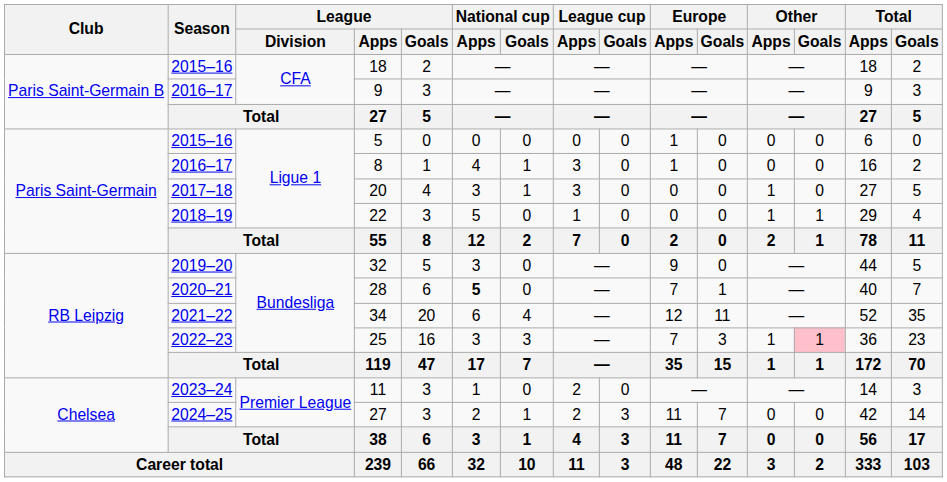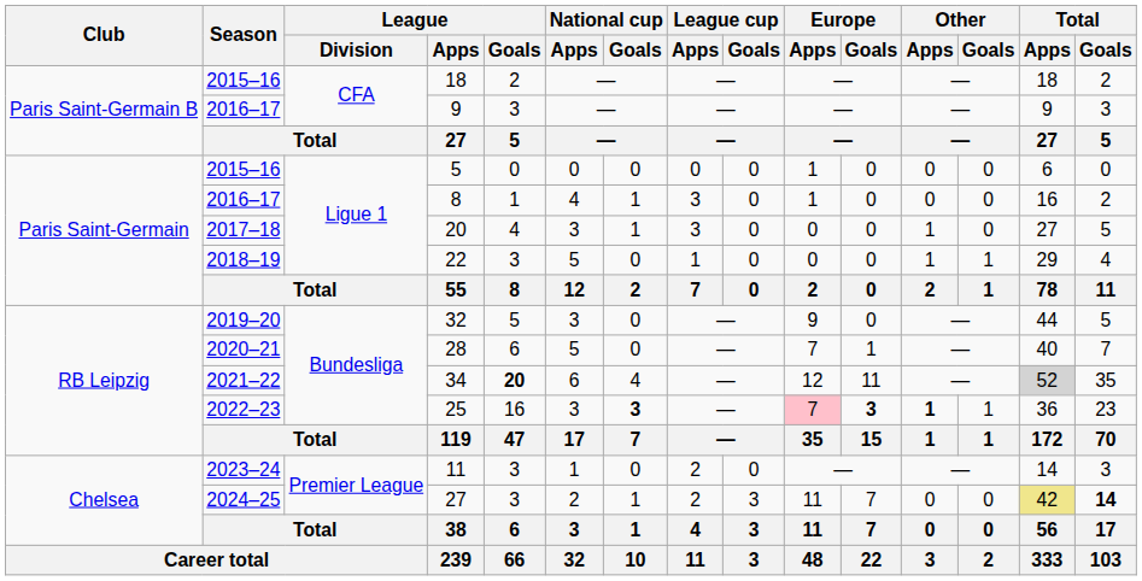 <table class="wikitable" style="text-align: center;">
 <tr>
 <th rowspan="2">Club</th>
 <th rowspan="2">Season</th>
 <th colspan="3">League</th>
 <th colspan="2">National cup</th>
 <th colspan="2">League cup</th>
 <th colspan="2">Europe</th>
 <th colspan="2">Other</th>
 <th colspan="2">Total</th>
 </tr>
 <tr>
 <th>Division</th>
 <th>Apps</th>
 <th>Goals</th>
 <th>Apps</th>
 <th>Goals</th>
 <th>Apps</th>
 <th>Goals</th>
 <th>Apps</th>
 <th>Goals</th>
 <th>Apps</th>
 <th>Goals</th>
 <th>Apps</th>
 <th>Goals</th>
 </tr>
 <tr>
 <td rowspan="3"><a href='#'>Paris Saint-Germain B</a></td>
 <td><a href='#'>2015–16</a></td>
 <td rowspan="2"><a href='#'>CFA</a></td>
 <td>18</td>
 <td>2</td>
 <td colspan="2">—</td>
 <td colspan="2">—</td>
 <td colspan="2">—</td>
 <td colspan="2">—</td>
 <td>18</td>
 <td>2</td>
 </tr>
 <tr>
 <td><a href='#'>2016–17</a></td>
 <td>9</td>
 <td>3</td>
 <td colspan="2">—</td>
 <td colspan="2">—</td>
 <td colspan="2">—</td>
 <td colspan="2">—</td>
 <td>9</td>
 <td>3</td>
 </tr>
 <tr>
 <th colspan="2">Total</th>
 <th>27</th>
 <th>5</th>
 <th colspan="2">—</th>
 <th colspan="2">—</th>
 <th colspan="2">—</th>
 <th colspan="2">—</th>
 <th>27</th>
 <th>5</th>
 </tr>
 <tr>
 <td rowspan="5"><a href='#'>Paris Saint-Germain</a></td>
 <td><a href='#'>2015–16</a></td>
 <td rowspan="4"><a href='#'>Ligue 1</a></td>
 <td>5</td>
 <td>0</td>
 <td>0</td>
 <td>0</td>
 <td>0</td>
 <td>0</td>
 <td>1</td>
 <td>0</td>
 <td>0</td>
 <td>0</td>
 <td>6</td>
 <td>0</td>
 </tr>
 <tr>
 <td><a href='#'>2016–17</a></td>
 <td>8</td>
 <td>1</td>
 <td>4</td>
 <td>1</td>
 <td>3</td>
 <td>0</td>
 <td>1</td>
 <td>0</td>
 <td>0</td>
 <td>0</td>
 <td>16</td>
 <td>2</td>
 </tr>
 <tr>
 <td><a href='#'>2017–18</a></td>
 <td>20</td>
 <td>4</td>
 <td>3</td>
 <td>1</td>
 <td>3</td>
 <td>0</td>
 <td>0</td>
 <td>0</td>
 <td>1</td>
 <td>0</td>
 <td>27</td>
 <td>5</td>
 </tr>
 <tr>
 <td><a href='#'>2018–19</a></td>
 <td>22</td>
 <td>3</td>
 <td>5</td>
 <td>0</td>
 <td>1</td>
 <td>0</td>
 <td>0</td>
 <td>0</td>
 <td>1</td>
 <td>1</td>
 <td>29</td>
 <td>4</td>
 </tr>
 <tr>
 <th colspan="2">Total</th>
 <th>55</th>
 <th>8</th>
 <th>12</th>
 <th>2</th>
 <th>7</th>
 <th>0</th>
 <th>2</th>
 <th>0</th>
 <th>2</th>
 <th>1</th>
 <th>78</th>
 <th>11</th>
 </tr>
 <tr>
 <td rowspan="5"><a href='#'>RB Leipzig</a></td>
 <td><a href='#'>2019–20</a></td>
 <td rowspan="4"><a href='#'>Bundesliga</a></td>
 <td>32</td>
 <td>5</td>
 <td>3</td>
 <td>0</td>
 <td colspan="2">—</td>
 <td>9</td>
 <td>0</td>
 <td colspan="2">—</td>
 <td>44</td>
 <td>5</td>
 </tr>
 <tr>
 <td><a href='#'>2020–21</a></td>
 <td>28</td>
 <td>6</td>
-<td><strong>5</strong></td>
+<td>5</td>
 <td>0</td>
 <td colspan="2">—</td>
 <td>7</td>
 <td>1</td>
 <td colspan="2">—</td>
 <td>40</td>
 <td>7</td>
 </tr>
 <tr>
 <td><a href='#'>2021–22</a></td>
 <td>34</td>
-<td>20</td>
+<td><strong>20</strong></td>
 <td>6</td>
 <td>4</td>
 <td colspan="2">—</td>
 <td>12</td>
 <td>11</td>
 <td colspan="2">—</td>
-<td>52</td>
+<td style="background: lightgrey;">52</td>
 <td>35</td>
 </tr>
 <tr>
 <td><a href='#'>2022–23</a></td>
 <td>25</td>
 <td>16</td>
 <td>3</td>
-<td>3</td>
+<td><strong>3</strong></td>
 <td colspan="2">—</td>
-<td>7</td>
-<td>3</td>
+<td style="background: pink;">7</td>
+<td><strong>3</strong></td>
+<td><strong>1</strong></td>
 <td>1</td>
-<td style="background: pink;">1</td>
 <td>36</td>
 <td>23</td>
 </tr>
 <tr>
 <th colspan="2">Total</th>
 <th>119</th>
 <th>47</th>
 <th>17</th>
 <th>7</th>
 <th colspan="2">—</th>
 <th>35</th>
 <th>15</th>
 <th>1</th>
 <th>1</th>
 <th>172</th>
 <th>70</th>
 </tr>
 <tr>
 <td rowspan="3"><a href='#'>Chelsea</a></td>
 <td><a href='#'>2023–24</a></td>
 <td rowspan="2"><a href='#'>Premier League</a></td>
 <td>11</td>
 <td>3</td>
 <td>1</td>
 <td>0</td>
 <td>2</td>
 <td>0</td>
 <td colspan="2">—</td>
 <td colspan="2">—</td>
 <td>14</td>
 <td>3</td>
 </tr>
 <tr>
 <td><a href='#'>2024–25</a></td>
 <td>27</td>
 <td>3</td>
 <td>2</td>
 <td>1</td>
 <td>2</td>
 <td>3</td>
 <td>11</td>
 <td>7</td>
 <td>0</td>
 <td>0</td>
-<td>42</td>
-<td>14</td>
+<td style="background: khaki;">42</td>
+<td><strong>14</strong></td>
 </tr>
 <tr>
 <th colspan="2">Total</th>
 <th>38</th>
 <th>6</th>
 <th>3</th>
 <th>1</th>
 <th>4</th>
 <th>3</th>
 <th>11</th>
 <th>7</th>
 <th>0</th>
 <th>0</th>
 <th>56</th>
 <th>17</th>
 </tr>
 <tr>
 <th colspan="3">Career total</th>
 <th>239</th>
 <th>66</th>
 <th>32</th>
 <th>10</th>
 <th>11</th>
 <th>3</th>
 <th>48</th>
 <th>22</th>
 <th>3</th>
 <th>2</th>
 <th>333</th>
 <th>103</th>
 </tr>
 </table>
